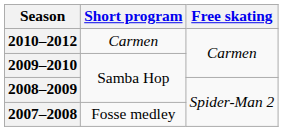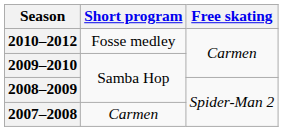 <table class="wikitable" style="text-align:center">
 <tr>
 <th>Season</th>
 <th><a href='#'>Short program</a></th>
 <th><a href='#'>Free skating</a></th>
 </tr>
 <tr>
 <th>2010–2012 <br> </th>
-<td><em>Carmen</em> <br></td>
+<td>Fosse medley</td>
 <td rowspan=2><em>Carmen</em> <br></td>
 </tr>
 <tr>
 <th>2009–2010 <br> </th>
 <td rowspan=2>Samba Hop <br></td>
 </tr>
 <tr>
 <th>2008–2009 <br> </th>
 <td rowspan=2><em>Spider-Man 2</em> <br></td>
 </tr>
 <tr>
 <th>2007–2008 <br> </th>
-<td>Fosse medley</td>
+<td><em>Carmen</em> <br></td>
 </tr>
 </table>
